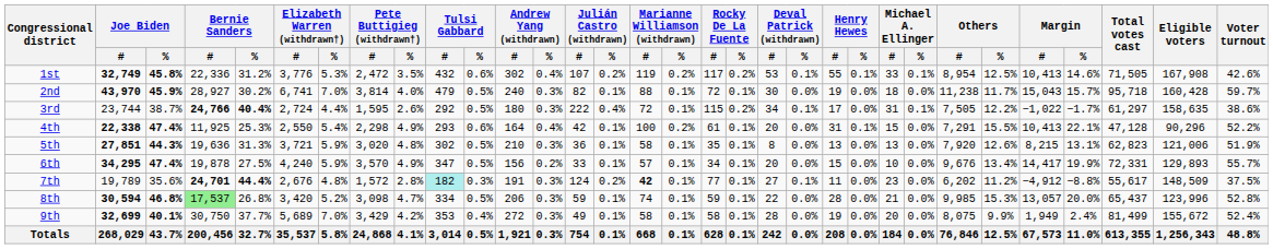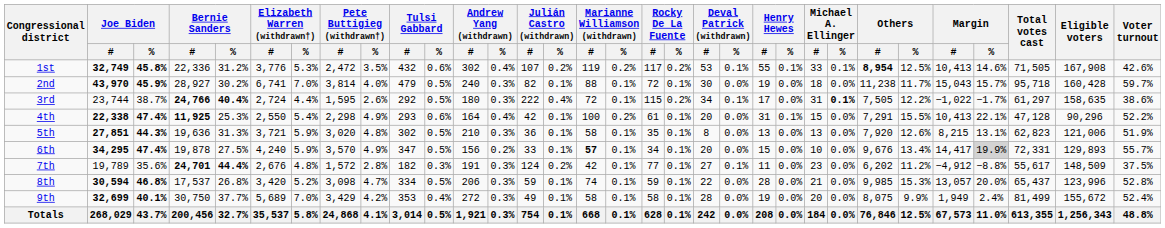 <table class="wikitable sortable">
 <tr>
 <th rowspan="2">Congressional district</th>
 <th colspan="2"><a href='#'>Joe Biden</a></th>
 <th colspan="2"><a href='#'>Bernie Sanders</a></th>
 <th colspan="2"><a href='#'>Elizabeth Warren</a><br><small>(withdrawn†)</small></th>
 <th colspan="2"><a href='#'>Pete Buttigieg</a><br><small>(withdrawn†)</small></th>
 <th colspan="2"><a href='#'>Tulsi Gabbard</a></th>
 <th colspan="2"><a href='#'>Andrew Yang</a><br><small>(withdrawn)</small></th>
 <th colspan="2"><a href='#'>Julián Castro</a><br><small>(withdrawn)</small></th>
 <th colspan="2"><a href='#'>Marianne Williamson</a><br><small>(withdrawn)</small></th>
 <th colspan="2"><a href='#'>Rocky De La Fuente</a></th>
 <th colspan="2"><a href='#'>Deval Patrick</a><br><small>(withdrawn)</small></th>
 <th colspan="2"><a href='#'>Henry Hewes</a></th>
 <th colspan="2">Michael A. Ellinger</th>
 <th colspan="2">Others</th>
 <th colspan="2">Margin</th>
 <th rowspan="2">Total votes cast</th>
 <th rowspan="2">Eligible voters</th>
 <th rowspan="2">Voter turnout</th>
 </tr>
 <tr>
 <th data-sort-type="number" style="text-align:center;">#</th>
 <th data-sort-type="number" style="text-align:center;">%</th>
 <th data-sort-type="number" style="text-align:center;">#</th>
 <th data-sort-type="number" style="text-align:center;">%</th>
 <th data-sort-type="number" style="text-align:center;">#</th>
 <th data-sort-type="number" style="text-align:center;">%</th>
 <th data-sort-type="number" style="text-align:center;">#</th>
 <th data-sort-type="number" style="text-align:center;">%</th>
 <th data-sort-type="number" style="text-align:center;">#</th>
 <th data-sort-type="number" style="text-align:center;">%</th>
 <th data-sort-type="number" style="text-align:center;">#</th>
 <th data-sort-type="number" style="text-align:center;">%</th>
 <th data-sort-type="number" style="text-align:center;">#</th>
 <th data-sort-type="number" style="text-align:center;">%</th>
 <th data-sort-type="number" style="text-align:center;">#</th>
 <th data-sort-type="number" style="text-align:center;">%</th>
 <th>#</th>
 <th>%</th>
 <th>#</th>
 <th>%</th>
 <th>#</th>
 <th>%</th>
 <th>#</th>
 <th>%</th>
 <th>#</th>
 <th>%</th>
 <th data-sort-type="number" style="text-align:center;">#</th>
 <th data-sort-type="number" style="text-align:center;">%</th>
 </tr>
 <tr style="text-align:center;">
 <td><a href='#'>1st</a></td>
 <td><strong>32,749</strong></td>
 <td><strong>45.8%</strong></td>
 <td>22,336</td>
 <td>31.2%</td>
 <td>3,776</td>
 <td>5.3%</td>
 <td>2,472</td>
 <td>3.5%</td>
 <td>432</td>
 <td>0.6%</td>
 <td>302</td>
 <td>0.4%</td>
 <td>107</td>
 <td>0.2%</td>
 <td>119</td>
 <td>0.2%</td>
 <td>117</td>
 <td>0.2%</td>
 <td>53</td>
 <td>0.1%</td>
 <td>55</td>
 <td>0.1%</td>
 <td>33</td>
 <td>0.1%</td>
-<td>8,954</td>
+<td><strong>8,954</strong></td>
 <td>12.5%</td>
 <td>10,413</td>
 <td>14.6%</td>
 <td>71,505</td>
 <td>167,908</td>
 <td>42.6%</td>
 </tr>
 <tr style="text-align:center;">
 <td><a href='#'>2nd</a></td>
 <td><strong>43,970</strong></td>
 <td><strong>45.9%</strong></td>
 <td>28,927</td>
 <td>30.2%</td>
 <td>6,741</td>
 <td>7.0%</td>
 <td>3,814</td>
 <td>4.0%</td>
 <td>479</td>
 <td>0.5%</td>
 <td>240</td>
 <td>0.3%</td>
 <td>82</td>
 <td>0.1%</td>
 <td>88</td>
 <td>0.1%</td>
 <td>72</td>
 <td>0.1%</td>
 <td>30</td>
 <td>0.0%</td>
 <td>19</td>
 <td>0.0%</td>
 <td>18</td>
 <td>0.0%</td>
 <td>11,238</td>
 <td>11.7%</td>
 <td>15,043</td>
 <td>15.7%</td>
 <td>95,718</td>
 <td>160,428</td>
 <td>59.7%</td>
 </tr>
 <tr style="text-align:center;">
 <td><a href='#'>3rd</a></td>
 <td>23,744</td>
 <td>38.7%</td>
 <td><strong>24,766</strong></td>
 <td><strong>40.4%</strong></td>
 <td>2,724</td>
 <td>4.4%</td>
 <td>1,595</td>
 <td>2.6%</td>
 <td>292</td>
 <td>0.5%</td>
 <td>180</td>
 <td>0.3%</td>
 <td>222</td>
 <td>0.4%</td>
 <td>72</td>
 <td>0.1%</td>
 <td>115</td>
 <td>0.2%</td>
 <td>34</td>
 <td>0.1%</td>
 <td>17</td>
 <td>0.0%</td>
 <td>31</td>
-<td>0.1%</td>
+<td><strong>0.1%</strong></td>
 <td>7,505</td>
 <td>12.2%</td>
 <td>−1,022</td>
 <td>−1.7%</td>
 <td>61,297</td>
 <td>158,635</td>
 <td>38.6%</td>
 </tr>
 <tr style="text-align:center;">
 <td><a href='#'>4th</a></td>
 <td><strong>22,338</strong></td>
 <td><strong>47.4%</strong></td>
-<td>11,925</td>
+<td><strong>11,925</strong></td>
 <td>25.3%</td>
 <td>2,550</td>
 <td>5.4%</td>
 <td>2,298</td>
 <td>4.9%</td>
 <td>293</td>
 <td>0.6%</td>
 <td>164</td>
 <td>0.4%</td>
 <td>42</td>
 <td>0.1%</td>
 <td>100</td>
 <td>0.2%</td>
 <td>61</td>
 <td>0.1%</td>
 <td>20</td>
 <td>0.0%</td>
 <td>31</td>
 <td>0.1%</td>
 <td>15</td>
 <td>0.0%</td>
 <td>7,291</td>
 <td>15.5%</td>
 <td>10,413</td>
 <td>22.1%</td>
 <td>47,128</td>
 <td>90,296</td>
 <td>52.2%</td>
 </tr>
 <tr style="text-align:center;">
 <td><a href='#'>5th</a></td>
 <td><strong>27,851</strong></td>
 <td><strong>44.3%</strong></td>
 <td>19,636</td>
 <td>31.3%</td>
 <td>3,721</td>
 <td>5.9%</td>
 <td>3,020</td>
 <td>4.8%</td>
 <td>302</td>
 <td>0.5%</td>
 <td>210</td>
 <td>0.3%</td>
 <td>36</td>
 <td>0.1%</td>
 <td>58</td>
 <td>0.1%</td>
 <td>35</td>
 <td>0.1%</td>
 <td>8</td>
 <td>0.0%</td>
 <td>13</td>
 <td>0.0%</td>
 <td>13</td>
 <td>0.0%</td>
 <td>7,920</td>
 <td>12.6%</td>
 <td>8,215</td>
 <td>13.1%</td>
 <td>62,823</td>
 <td>121,006</td>
 <td>51.9%</td>
 </tr>
 <tr style="text-align:center;">
 <td><a href='#'>6th</a></td>
 <td><strong>34,295</strong></td>
 <td><strong>47.4%</strong></td>
 <td>19,878</td>
 <td>27.5%</td>
 <td>4,240</td>
 <td>5.9%</td>
 <td>3,570</td>
 <td>4.9%</td>
 <td>347</td>
 <td>0.5%</td>
 <td>156</td>
 <td>0.2%</td>
 <td>33</td>
 <td>0.1%</td>
-<td>57</td>
+<td><strong>57</strong></td>
 <td>0.1%</td>
 <td>34</td>
 <td>0.1%</td>
 <td>20</td>
 <td>0.0%</td>
 <td>15</td>
 <td>0.0%</td>
 <td>10</td>
 <td>0.0%</td>
 <td>9,676</td>
 <td>13.4%</td>
 <td>14,417</td>
-<td>19.9%</td>
+<td style="background: lightgrey;">19.9%</td>
 <td>72,331</td>
 <td>129,893</td>
 <td>55.7%</td>
 </tr>
 <tr style="text-align:center;">
 <td><a href='#'>7th</a></td>
 <td>19,789</td>
 <td>35.6%</td>
 <td><strong>24,701</strong></td>
 <td><strong>44.4%</strong></td>
 <td>2,676</td>
 <td>4.8%</td>
 <td>1,572</td>
 <td>2.8%</td>
-<td style="background: paleturquoise;">182</td>
+<td>182</td>
 <td>0.3%</td>
 <td>191</td>
 <td>0.3%</td>
 <td>124</td>
 <td>0.2%</td>
-<td><strong>42</strong></td>
+<td>42</td>
 <td>0.1%</td>
 <td>77</td>
 <td>0.1%</td>
 <td>27</td>
 <td>0.1%</td>
 <td>11</td>
 <td>0.0%</td>
 <td>23</td>
 <td>0.0%</td>
 <td>6,202</td>
 <td>11.2%</td>
 <td>−4,912</td>
 <td>−8.8%</td>
 <td>55,617</td>
 <td>148,509</td>
 <td>37.5%</td>
 </tr>
 <tr style="text-align:center;">
 <td><a href='#'>8th</a></td>
 <td><strong>30,594</strong></td>
 <td><strong>46.8%</strong></td>
-<td style="background: lightgreen;">17,537</td>
+<td>17,537</td>
 <td>26.8%</td>
 <td>3,420</td>
 <td>5.2%</td>
 <td>3,098</td>
 <td>4.7%</td>
 <td>334</td>
 <td>0.5%</td>
 <td>206</td>
 <td>0.3%</td>
 <td>59</td>
 <td>0.1%</td>
 <td>74</td>
 <td>0.1%</td>
 <td>59</td>
 <td>0.1%</td>
 <td>22</td>
 <td>0.0%</td>
 <td>28</td>
 <td>0.0%</td>
 <td>21</td>
 <td>0.0%</td>
 <td>9,985</td>
 <td>15.3%</td>
 <td>13,057</td>
 <td>20.0%</td>
 <td>65,437</td>
 <td>123,996</td>
 <td>52.8%</td>
 </tr>
 <tr style="text-align:center;">
 <td><a href='#'>9th</a></td>
 <td><strong>32,699</strong></td>
 <td><strong>40.1%</strong></td>
 <td>30,750</td>
 <td>37.7%</td>
 <td>5,689</td>
 <td>7.0%</td>
 <td>3,429</td>
 <td>4.2%</td>
 <td>353</td>
 <td>0.4%</td>
 <td>272</td>
 <td>0.3%</td>
 <td>49</td>
 <td>0.1%</td>
 <td>58</td>
 <td>0.1%</td>
 <td>58</td>
 <td>0.1%</td>
 <td>28</td>
 <td>0.0%</td>
 <td>19</td>
 <td>0.0%</td>
 <td>20</td>
 <td>0.0%</td>
 <td>8,075</td>
 <td>9.9%</td>
 <td>1,949</td>
 <td>2.4%</td>
 <td>81,499</td>
 <td>155,672</td>
 <td>52.4%</td>
 </tr>
 <tr style="text-align:center;">
 <th>Totals</th>
 <th>268,029</th>
 <th>43.7%</th>
 <th>200,456</th>
 <th>32.7%</th>
 <th>35,537</th>
 <th>5.8%</th>
 <th>24,868</th>
 <th>4.1%</th>
 <th>3,014</th>
 <th>0.5%</th>
 <th>1,921</th>
 <th>0.3%</th>
 <th>754</th>
 <th>0.1%</th>
 <th>668</th>
 <th>0.1%</th>
 <th>628</th>
 <th>0.1%</th>
 <th>242</th>
 <th>0.0%</th>
 <th>208</th>
 <th>0.0%</th>
 <th>184</th>
 <th>0.0%</th>
 <th>76,846</th>
 <th>12.5%</th>
 <th>67,573</th>
 <th>11.0%</th>
 <th>613,355</th>
 <th>1,256,343</th>
 <th>48.8%</th>
 </tr>
 </table>
